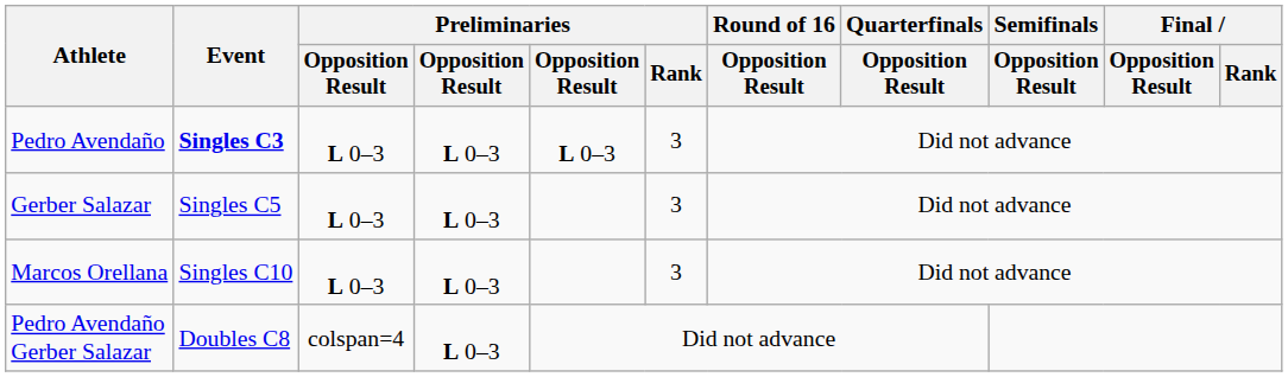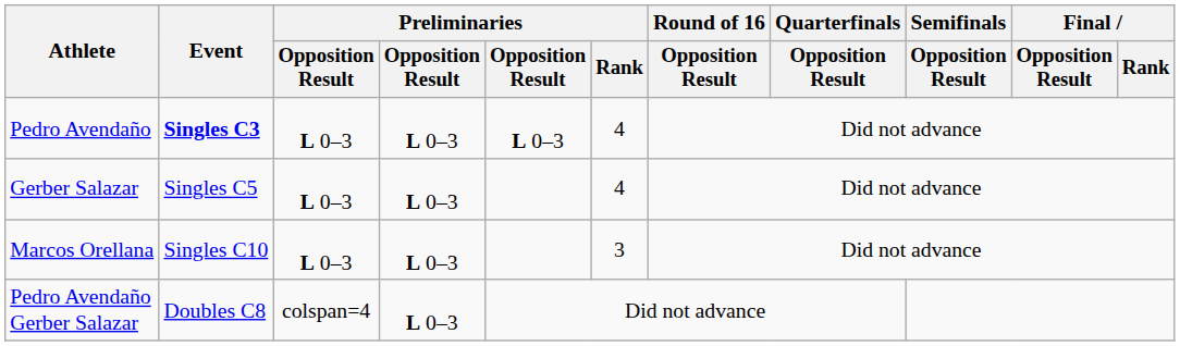 <table class=wikitable style="font-size:90%">
 <tr>
 <th rowspan="2">Athlete</th>
 <th rowspan="2">Event</th>
 <th colspan="4">Preliminaries</th>
 <th>Round of 16</th>
 <th>Quarterfinals</th>
 <th>Semifinals</th>
 <th colspan="2">Final / </th>
 </tr>
 <tr style="font-size:95%">
 <th>Opposition<br>Result</th>
 <th>Opposition<br>Result</th>
 <th>Opposition<br>Result</th>
 <th>Rank</th>
 <th>Opposition<br>Result</th>
 <th>Opposition<br>Result</th>
 <th>Opposition<br>Result</th>
 <th>Opposition<br>Result</th>
 <th>Rank</th>
 </tr>
 <tr align=center>
 <td align=left><a href='#'>Pedro Avendaño</a></td>
 <td align=left><strong><a href='#'>Singles C3</a></strong></td>
 <td><br><strong>L</strong> 0–3</td>
 <td><br><strong>L</strong> 0–3</td>
 <td><br><strong>L</strong> 0–3</td>
-<td>3</td>
+<td>4</td>
 <td colspan=5>Did not advance</td>
 </tr>
 <tr align=center>
 <td align=left><a href='#'>Gerber Salazar</a></td>
 <td align=left><a href='#'>Singles C5</a></td>
 <td><br><strong>L</strong> 0–3</td>
 <td><br><strong>L</strong> 0–3</td>
 <td></td>
-<td>3</td>
+<td>4</td>
 <td colspan=5>Did not advance</td>
 </tr>
 <tr align=center>
 <td align=left><a href='#'>Marcos Orellana</a></td>
 <td align=left><a href='#'>Singles C10</a></td>
 <td><br><strong>L</strong> 0–3</td>
 <td><br><strong>L</strong> 0–3</td>
 <td></td>
 <td>3</td>
 <td colspan=5>Did not advance</td>
 </tr>
 <tr align=center>
 <td align=left><a href='#'>Pedro Avendaño</a><br><a href='#'>Gerber Salazar</a></td>
 <td align=left><a href='#'>Doubles C8</a></td>
 <td>colspan=4 </td>
 <td><br><strong>L</strong> 0–3</td>
 <td colspan=4>Did not advance</td>
 </tr>
 </table>
